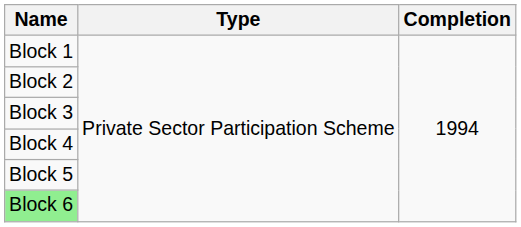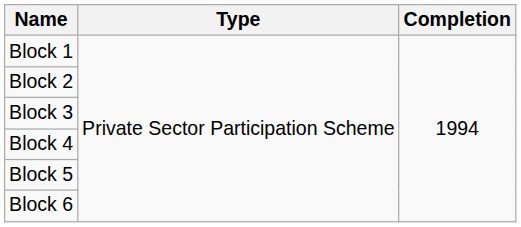 <table class="wikitable" style="text-align: center">
 <tr>
 <th>Name</th>
 <th>Type</th>
 <th>Completion</th>
 </tr>
 <tr>
 <td>Block 1</td>
 <td rowspan="6">Private Sector Participation Scheme</td>
 <td rowspan="6">1994</td>
 </tr>
 <tr>
 <td>Block 2</td>
 </tr>
 <tr>
 <td>Block 3</td>
 </tr>
 <tr>
 <td>Block 4</td>
 </tr>
 <tr>
 <td>Block 5</td>
 </tr>
 <tr>
-<td style="background: lightgreen;">Block 6</td>
+<td>Block 6</td>
 </tr>
 </table>
